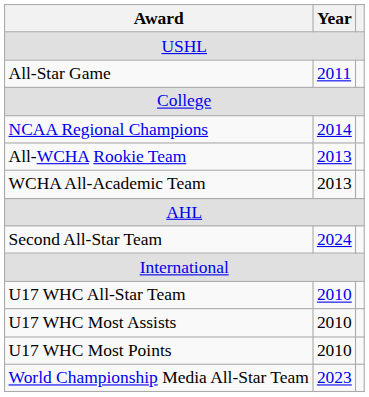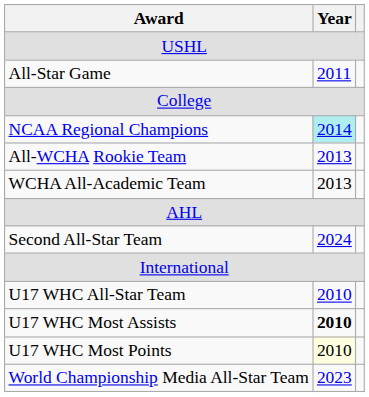 <table class="wikitable">
 <tr>
 <th>Award</th>
 <th>Year</th>
 <th></th>
 </tr>
 <tr ALIGN="center" bgcolor="#e0e0e0">
 <td colspan="3"><a href='#'>USHL</a></td>
 </tr>
 <tr>
 <td>All-Star Game</td>
 <td><a href='#'>2011</a></td>
 <td></td>
 </tr>
 <tr ALIGN="center" bgcolor="#e0e0e0">
 <td colspan="3"><a href='#'>College</a></td>
 </tr>
 <tr>
 <td><a href='#'>NCAA Regional Champions</a></td>
-<td><a href='#'>2014</a></td>
+<td style="background: paleturquoise;"><a href='#'>2014</a></td>
 <td></td>
 </tr>
 <tr>
 <td>All-<a href='#'>WCHA</a> <a href='#'>Rookie Team</a></td>
 <td><a href='#'>2013</a></td>
 <td></td>
 </tr>
 <tr>
 <td>WCHA All-Academic Team</td>
 <td>2013</td>
 <td></td>
 </tr>
 <tr ALIGN="center" bgcolor="#e0e0e0">
 <td colspan="3"><a href='#'>AHL</a></td>
 </tr>
 <tr>
 <td>Second All-Star Team</td>
 <td><a href='#'>2024</a></td>
 <td></td>
 </tr>
 <tr ALIGN="center" bgcolor="#e0e0e0">
 <td colspan="3"><a href='#'>International</a></td>
 </tr>
 <tr>
 <td>U17 WHC All-Star Team</td>
 <td><a href='#'>2010</a></td>
 <td></td>
 </tr>
 <tr>
 <td>U17 WHC Most Assists</td>
-<td>2010</td>
+<td><strong>2010</strong></td>
 <td></td>
 </tr>
 <tr>
 <td>U17 WHC Most Points</td>
-<td>2010</td>
+<td style="background: lightyellow;">2010</td>
 <td></td>
 </tr>
 <tr>
 <td><a href='#'>World Championship</a> Media All-Star Team</td>
 <td><a href='#'>2023</a></td>
 <td></td>
 </tr>
 </table>
